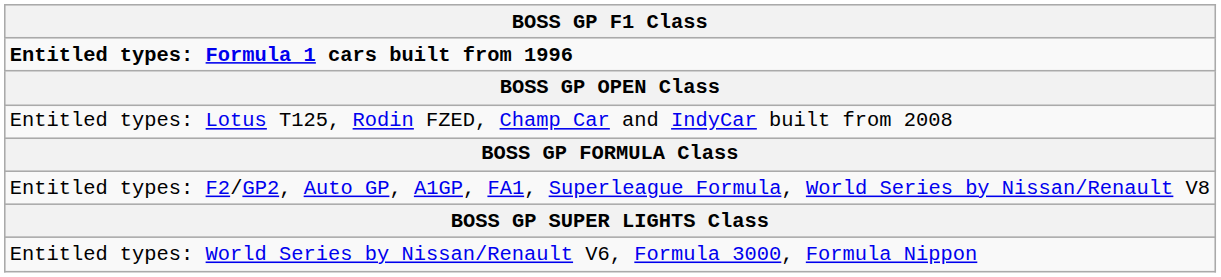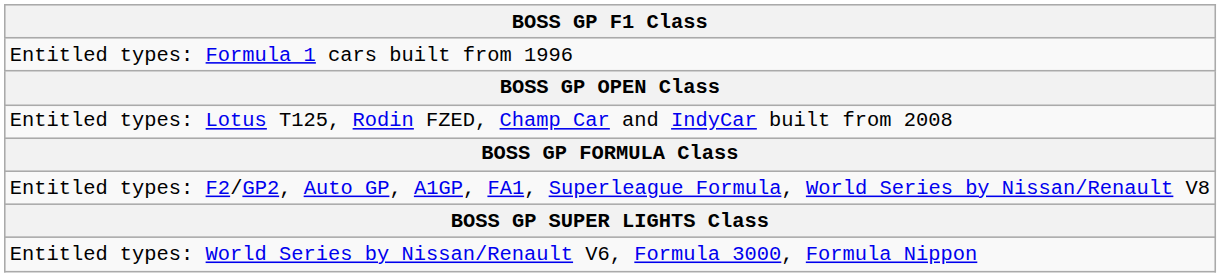 <table class="wikitable">
 <tr>
 <th>BOSS GP F1 Class</th>
 </tr>
 <tr>
-<td><strong>Entitled types: <a href='#'>Formula 1</a> cars built from 1996</strong></td>
+<td>Entitled types: <a href='#'>Formula 1</a> cars built from 1996</td>
 </tr>
 <tr>
 <th>BOSS GP OPEN Class</th>
 </tr>
 <tr>
 <td>Entitled types: <a href='#'>Lotus</a> T125, <a href='#'>Rodin</a> FZED, <a href='#'>Champ Car</a> and <a href='#'>IndyCar</a> built from 2008</td>
 </tr>
 <tr>
 <th>BOSS GP FORMULA Class</th>
 </tr>
 <tr>
 <td>Entitled types: <a href='#'>F2</a>/<a href='#'>GP2</a>, <a href='#'>Auto GP</a>, <a href='#'>A1GP</a>, <a href='#'>FA1</a>, <a href='#'>Superleague Formula</a>, <a href='#'>World Series by Nissan/Renault</a> V8</td>
 </tr>
 <tr>
 <th>BOSS GP SUPER LIGHTS Class</th>
 </tr>
 <tr>
 <td>Entitled types: <a href='#'>World Series by Nissan/Renault</a> V6, <a href='#'>Formula 3000</a>, <a href='#'>Formula Nippon</a></td>
 </tr>
 </table>
